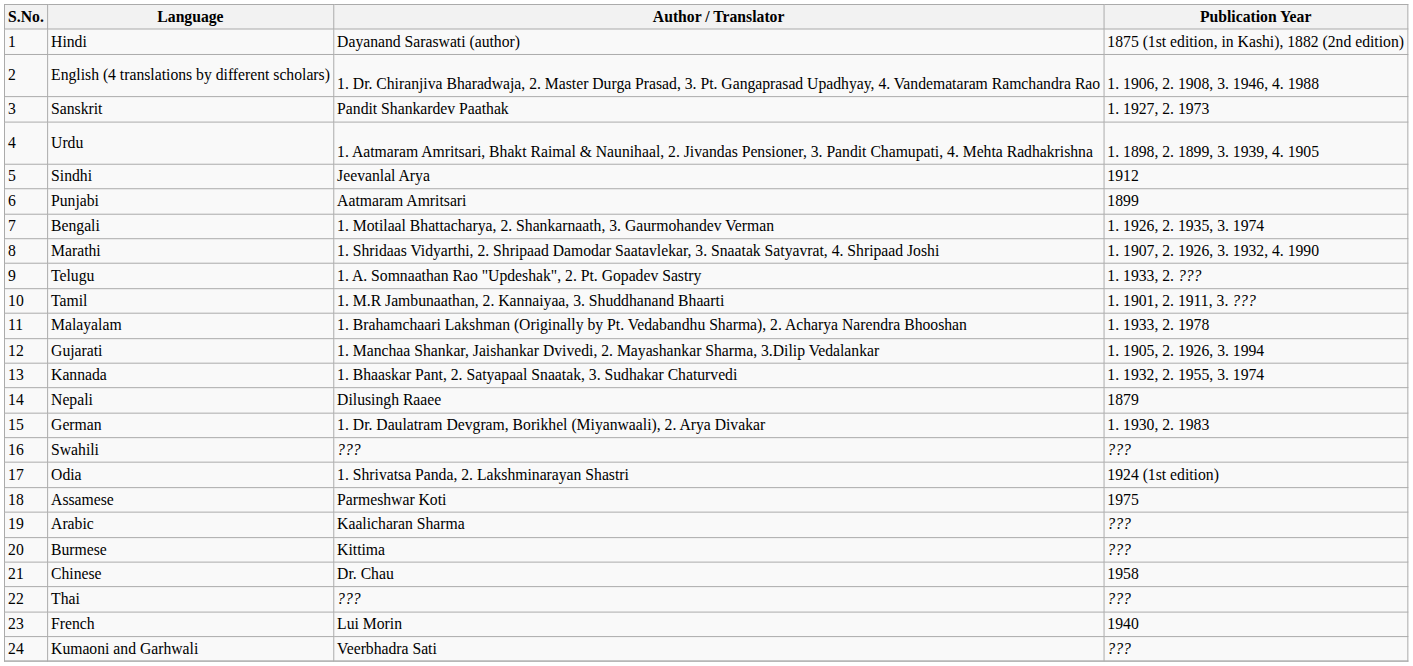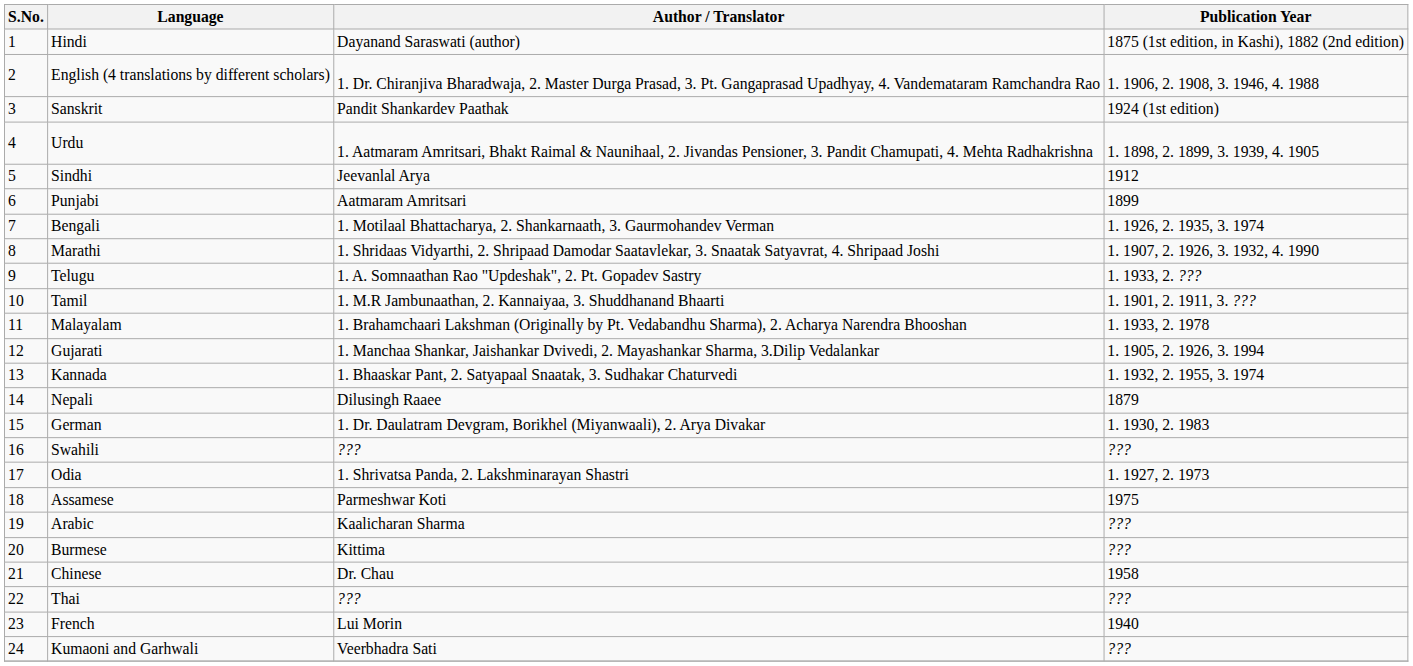 <table class="wikitable">
 <tr>
 <th>S.No.</th>
 <th>Language</th>
 <th>Author / Translator</th>
 <th>Publication Year</th>
 </tr>
 <tr>
 <td>1</td>
 <td>Hindi</td>
 <td>Dayanand Saraswati (author)</td>
 <td>1875 (1st edition, in Kashi), 1882 (2nd edition)</td>
 </tr>
 <tr>
 <td>2</td>
 <td>English (4 translations by different scholars)</td>
 <td><br>1. Dr. Chiranjiva Bharadwaja,  2. Master Durga Prasad,  3. Pt. Gangaprasad Upadhyay,  4. Vandemataram Ramchandra Rao</td>
 <td><br>1. 1906, 2. 1908, 3. 1946, 4. 1988</td>
 </tr>
 <tr>
 <td>3</td>
 <td>Sanskrit</td>
 <td>Pandit Shankardev Paathak</td>
-<td>1. 1927, 2. 1973</td>
+<td>1924 (1st edition)</td>
 </tr>
 <tr>
 <td>4</td>
 <td>Urdu</td>
 <td><br>1. Aatmaram Amritsari, Bhakt Raimal & Naunihaal,  2. Jivandas Pensioner,  3. Pandit Chamupati,  4. Mehta Radhakrishna</td>
 <td><br>1. 1898,  2. 1899,  3. 1939,  4. 1905</td>
 </tr>
 <tr>
 <td>5</td>
 <td>Sindhi</td>
 <td>Jeevanlal Arya</td>
 <td>1912</td>
 </tr>
 <tr>
 <td>6</td>
 <td>Punjabi</td>
 <td>Aatmaram Amritsari</td>
 <td>1899</td>
 </tr>
 <tr>
 <td>7</td>
 <td>Bengali</td>
 <td>1. Motilaal Bhattacharya, 2. Shankarnaath, 3. Gaurmohandev Verman</td>
 <td>1. 1926, 2. 1935, 3. 1974</td>
 </tr>
 <tr>
 <td>8</td>
 <td>Marathi</td>
 <td>1. Shridaas Vidyarthi, 2. Shripaad Damodar Saatavlekar, 3. Snaatak Satyavrat, 4. Shripaad Joshi</td>
 <td>1. 1907, 2. 1926, 3. 1932, 4. 1990</td>
 </tr>
 <tr>
 <td>9</td>
 <td>Telugu</td>
 <td>1. A. Somnaathan Rao "Updeshak", 2. Pt. Gopadev Sastry</td>
 <td>1. 1933, 2. <em>???</em></td>
 </tr>
 <tr>
 <td>10</td>
 <td>Tamil</td>
 <td>1. M.R Jambunaathan, 2. Kannaiyaa, 3. Shuddhanand Bhaarti</td>
 <td>1. 1901, 2. 1911, 3. <em>???</em></td>
 </tr>
 <tr>
 <td>11</td>
 <td>Malayalam</td>
 <td>1. Brahamchaari Lakshman (Originally by Pt. Vedabandhu Sharma), 2. Acharya Narendra Bhooshan</td>
 <td>1. 1933, 2. 1978</td>
 </tr>
 <tr>
 <td>12</td>
 <td>Gujarati</td>
 <td>1. Manchaa Shankar, Jaishankar Dvivedi, 2. Mayashankar Sharma, 3.Dilip Vedalankar</td>
 <td>1. 1905, 2. 1926, 3. 1994</td>
 </tr>
 <tr>
 <td>13</td>
 <td>Kannada</td>
 <td>1. Bhaaskar Pant, 2. Satyapaal Snaatak, 3. Sudhakar Chaturvedi</td>
 <td>1. 1932, 2. 1955, 3. 1974</td>
 </tr>
 <tr>
 <td>14</td>
 <td>Nepali</td>
 <td>Dilusingh Raaee</td>
 <td>1879</td>
 </tr>
 <tr>
 <td>15</td>
 <td>German</td>
 <td>1. Dr. Daulatram Devgram, Borikhel (Miyanwaali), 2. Arya Divakar</td>
 <td>1. 1930, 2. 1983</td>
 </tr>
 <tr>
 <td>16</td>
 <td>Swahili</td>
 <td><em>???</em></td>
 <td><em>???</em></td>
 </tr>
 <tr>
 <td>17</td>
 <td>Odia</td>
 <td>1. Shrivatsa Panda, 2. Lakshminarayan Shastri</td>
-<td>1924 (1st edition)</td>
+<td>1. 1927, 2. 1973</td>
 </tr>
 <tr>
 <td>18</td>
 <td>Assamese</td>
 <td>Parmeshwar Koti</td>
 <td>1975</td>
 </tr>
 <tr>
 <td>19</td>
 <td>Arabic</td>
 <td>Kaalicharan Sharma</td>
 <td><em>???</em></td>
 </tr>
 <tr>
 <td>20</td>
 <td>Burmese</td>
 <td>Kittima</td>
 <td><em>???</em></td>
 </tr>
 <tr>
 <td>21</td>
 <td>Chinese</td>
 <td>Dr. Chau</td>
 <td>1958</td>
 </tr>
 <tr>
 <td>22</td>
 <td>Thai</td>
 <td><em>???</em></td>
 <td><em>???</em></td>
 </tr>
 <tr>
 <td>23</td>
 <td>French</td>
 <td>Lui Morin</td>
 <td>1940</td>
 </tr>
 <tr>
 <td>24</td>
 <td>Kumaoni and Garhwali</td>
 <td>Veerbhadra Sati</td>
 <td><em>???</em></td>
 </tr>
 <tr>
 </tr>
 </table>
